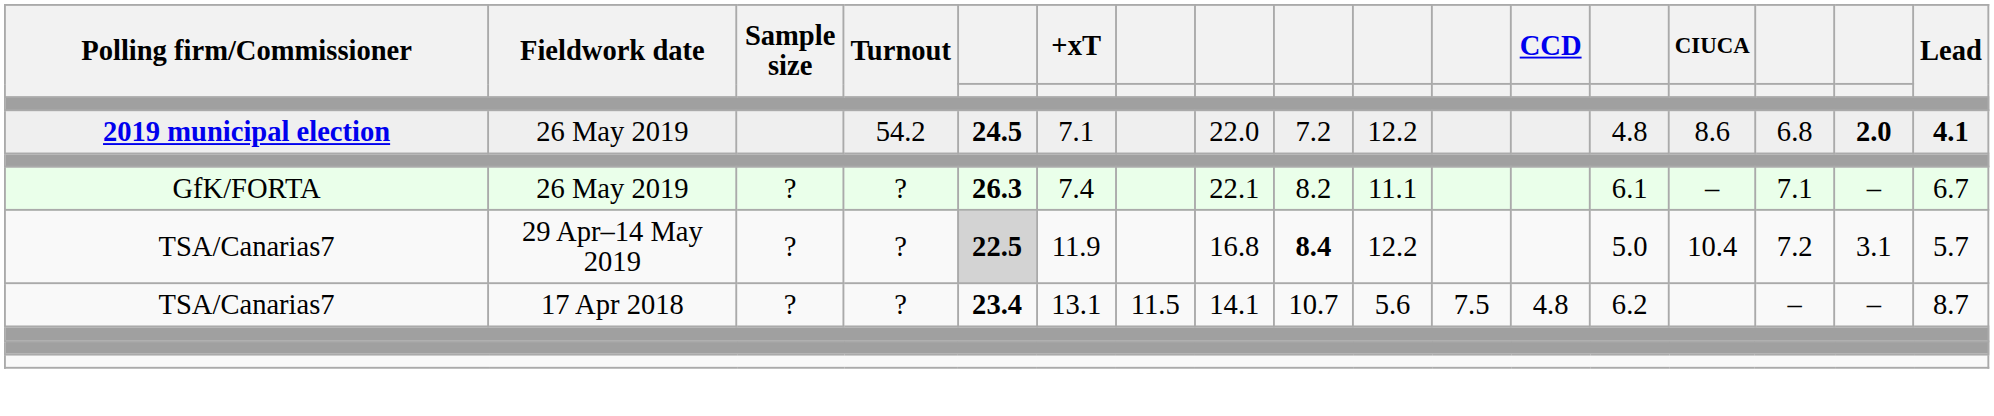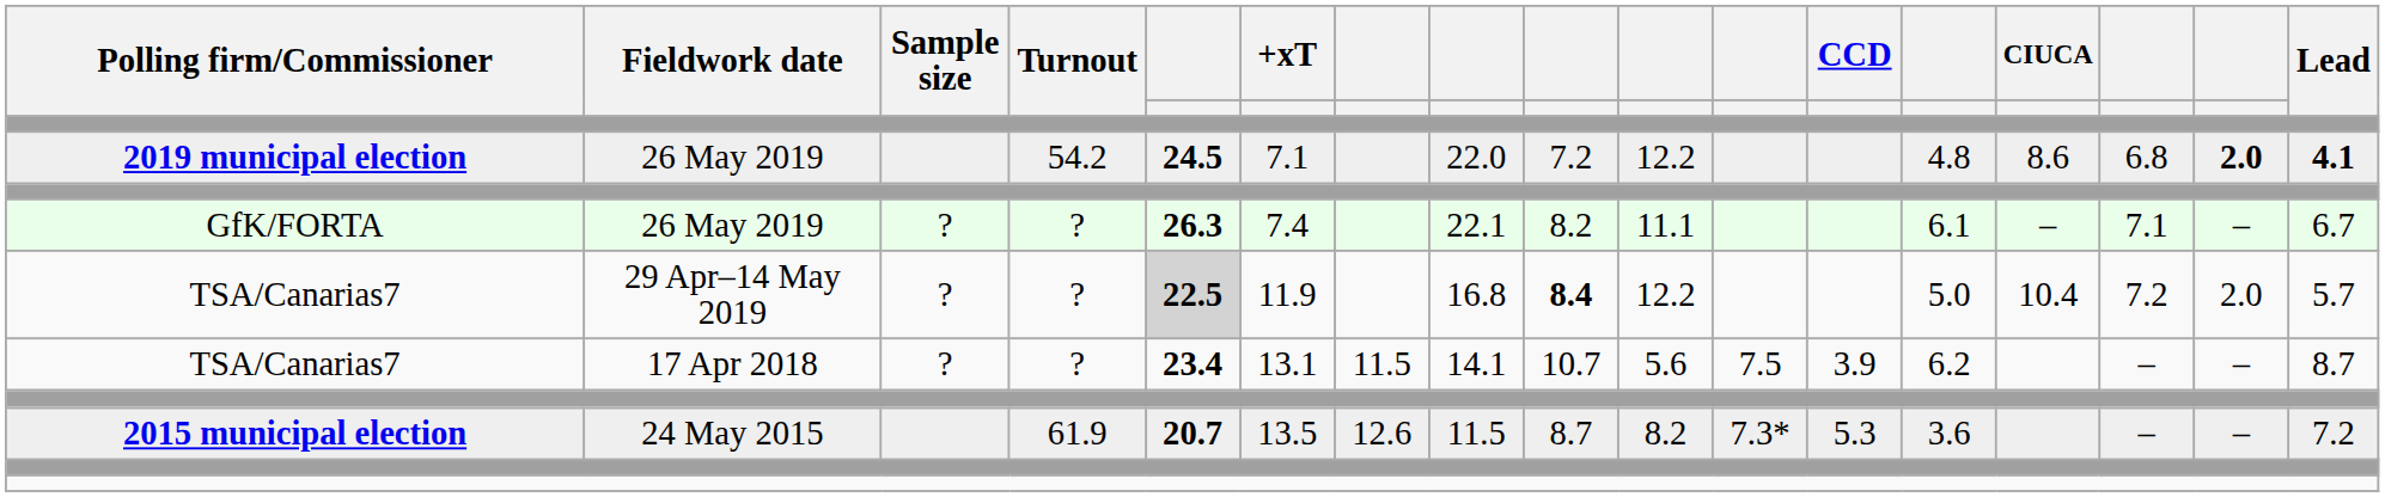 <table class="wikitable collapsible collapsed" style="text-align:center; font-size:95%; line-height:16px;">
 <tr style="height:42px;">
 <th style="width:250px;" rowspan="2">Polling firm/Commissioner</th>
 <th style="width:125px;" rowspan="2">Fieldwork date</th>
 <th style="width:50px;" rowspan="2">Sample size</th>
 <th style="width:45px;" rowspan="2">Turnout</th>
 <th style="width:35px;"></th>
 <th style="width:35px;">+xT</th>
 <th style="width:35px;"></th>
 <th style="width:35px;"></th>
 <th style="width:35px;"></th>
 <th style="width:35px;"></th>
 <th style="width:35px;"></th>
 <th style="width:35px;"><a href='#'>CCD</a></th>
 <th style="width:35px;"></th>
 <th style="width:35px; font-size:80%;">CIUCA</th>
 <th style="width:35px;"></th>
 <th style="width:35px;"></th>
 <th style="width:30px;" rowspan="2">Lead</th>
 </tr>
 <tr>
 <th style="color:inherit;background:"></th>
 <th style="color:inherit;background:"></th>
 <th style="color:inherit;background:"></th>
 <th style="color:inherit;background:"></th>
 <th style="color:inherit;background:"></th>
 <th style="color:inherit;background:"></th>
 <th style="color:inherit;background:"></th>
 <th style="color:inherit;background:"></th>
 <th style="color:inherit;background:"></th>
 <th style="color:inherit;background:"></th>
 <th style="color:inherit;background:"></th>
 <th style="color:inherit;background:"></th>
 </tr>
 <tr>
 <td colspan="17" style="background:#A0A0A0"></td>
 </tr>
 <tr style="background:#EFEFEF;">
 <td><strong><a href='#'>2019 municipal election</a></strong></td>
 <td>26 May 2019</td>
 <td></td>
 <td>54.2</td>
 <td><strong>24.5</strong><br></td>
 <td>7.1<br></td>
 <td></td>
 <td>22.0<br></td>
 <td>7.2<br></td>
 <td>12.2<br></td>
 <td></td>
 <td></td>
 <td>4.8<br></td>
 <td>8.6<br></td>
 <td>6.8<br></td>
 <td><strong>2.0<br></strong></td>
 <td style="background:"><strong>4.1</strong></td>
 </tr>
 <tr>
 <td colspan="17" style="background:#A0A0A0"></td>
 </tr>
 <tr style="background:#EAFFEA;">
 <td>GfK/FORTA</td>
 <td>26 May 2019</td>
 <td>?</td>
 <td>?</td>
 <td><strong>26.3</strong><br></td>
 <td>7.4<br></td>
 <td></td>
 <td>22.1<br></td>
 <td>8.2<br></td>
 <td>11.1<br></td>
 <td></td>
 <td></td>
 <td>6.1<br></td>
 <td>–</td>
 <td>7.1<br></td>
 <td>–</td>
 <td style="background:">6.7</td>
 </tr>
 <tr>
 <td>TSA/Canarias7</td>
 <td>29 Apr–14 May 2019</td>
 <td>?</td>
 <td>?</td>
 <td style="background: lightgrey;"><strong>22.5</strong><br></td>
 <td>11.9<br></td>
 <td></td>
 <td>16.8<br></td>
 <td><strong>8.4<br></strong></td>
 <td>12.2<br></td>
 <td></td>
 <td></td>
 <td>5.0<br></td>
 <td>10.4<br></td>
 <td>7.2<br></td>
-<td>3.1<br></td>
+<td>2.0<br></td>
 <td style="background:">5.7</td>
 </tr>
 <tr>
 <td>TSA/Canarias7</td>
 <td>17 Apr 2018</td>
 <td>?</td>
 <td>?</td>
 <td><strong>23.4</strong><br></td>
 <td>13.1<br></td>
 <td>11.5<br></td>
 <td>14.1<br></td>
 <td>10.7<br></td>
 <td>5.6<br></td>
 <td>7.5<br></td>
-<td>4.8<br></td>
+<td>3.9<br></td>
 <td>6.2<br></td>
 <td></td>
 <td>–</td>
 <td>–</td>
 <td style="background:">8.7</td>
 </tr>
 <tr>
 <td colspan="17" style="background:#A0A0A0"></td>
 </tr>
+<tr style="background:#EFEFEF;">
+<td><strong><a href='#'>2015 municipal election</a></strong></td>
+<td>24 May 2015</td>
+<td></td>
+<td>61.9</td>
+<td><strong>20.7</strong><br></td>
+<td>13.5<br></td>
+<td>12.6<br></td>
+<td>11.5<br></td>
+<td>8.7<br></td>
+<td>8.2<br></td>
+<td>7.3*<br></td>
+<td>5.3<br></td>
+<td>3.6<br></td>
+<td></td>
+<td>–</td>
+<td>–</td>
+<td style="background:">7.2</td>
+</tr>
 <tr>
 <td colspan="17" style="background:#A0A0A0"></td>
 </tr>
 <tr>
 <td align="left" colspan="17"></td>
 </tr>
 </table>
